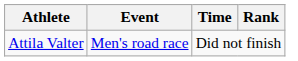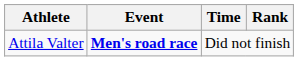 <table class=wikitable style=font-size:90%;text-align:center>
 <tr>
 <th>Athlete</th>
 <th>Event</th>
 <th>Time</th>
 <th>Rank</th>
 </tr>
 <tr>
 <td align=left><a href='#'>Attila Valter</a></td>
-<td align=left><a href='#'>Men's road race</a></td>
+<td align=left><strong><a href='#'>Men's road race</a></strong></td>
 <td colspan=2>Did not finish</td>
 </tr>
 </table>
